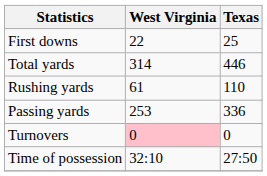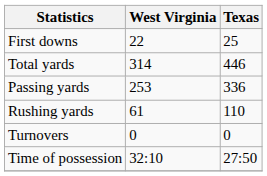 <table class="wikitable" style="float: left;">
 <tr>
 <th>Statistics</th>
 <th>West Virginia</th>
 <th>Texas</th>
 </tr>
 <tr>
 <td>First downs</td>
 <td>22</td>
 <td>25</td>
 </tr>
 <tr>
 <td>Total yards</td>
 <td>314</td>
 <td>446</td>
 </tr>
 <tr>
+<td>Passing yards</td>
+<td>253</td>
+<td>336</td>
+</tr>
+<tr>
 <td>Rushing yards</td>
 <td>61</td>
 <td>110</td>
 </tr>
 <tr>
-<td>Passing yards</td>
-<td>253</td>
-<td>336</td>
-</tr>
-<tr>
 <td>Turnovers</td>
-<td style="background: pink;">0</td>
+<td>0</td>
 <td>0</td>
 </tr>
 <tr>
 <td>Time of possession</td>
 <td>32:10</td>
 <td>27:50</td>
 </tr>
 <tr>
 </tr>
 </table>
